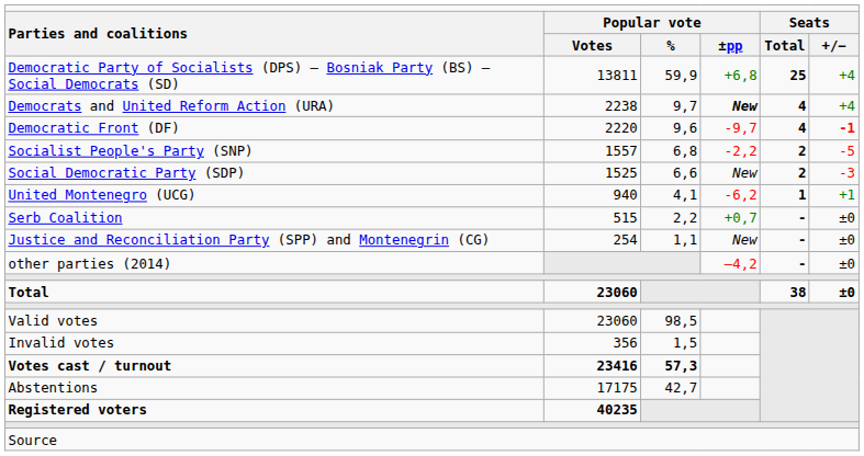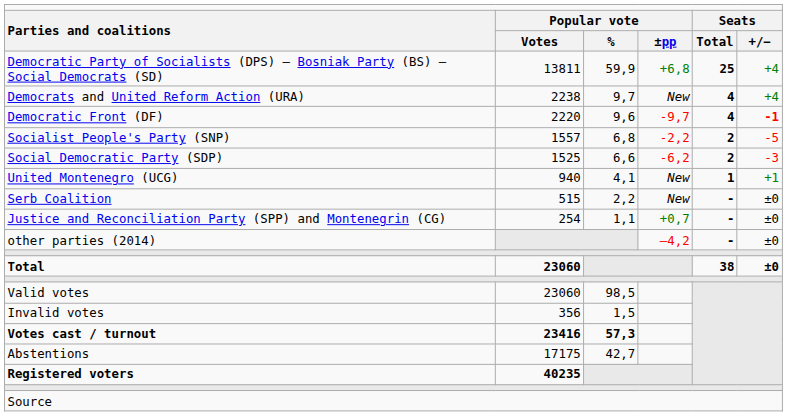 <table class="wikitable" style="text-align:right; font-size:98%; margin-bottom:0">
 <tr>
 <td colspan="6"></td>
 </tr>
 <tr>
 <th style="text-align:left;" rowspan="2" width="500">Parties and coalitions</th>
 <th colspan="3">Popular vote</th>
 <th colspan="2">Seats</th>
 </tr>
 <tr>
 <th width="85">Votes</th>
 <th width="50">%</th>
 <th width="50">±<a href='#'>pp</a></th>
 <th width="40">Total</th>
 <th width="40">+/−</th>
 </tr>
 <tr>
 <td align="left"><a href='#'>Democratic Party of Socialists</a> (DPS) – <a href='#'>Bosniak Party</a> (BS) – <a href='#'>Social Democrats</a> (SD)</td>
 <td>13811</td>
 <td>59,9</td>
 <td style="color:green;">+6,8</td>
 <td><strong>25</strong></td>
 <td style="color:green;">+4</td>
 </tr>
 <tr>
 <td align="left"><a href='#'>Democrats</a> and <a href='#'>United Reform Action</a> (URA)</td>
 <td>2238</td>
 <td>9,7</td>
-<td><strong><em>New</em></strong></td>
+<td><em>New</em></td>
 <td><strong>4</strong></td>
 <td style="color:green;">+4</td>
 </tr>
 <tr>
 <td align="left"><a href='#'>Democratic Front</a> (DF)</td>
 <td>2220</td>
 <td>9,6</td>
 <td style="color:red;">-9,7</td>
 <td><strong>4</strong></td>
 <td style="color:red;"><strong>-1</strong></td>
 </tr>
 <tr>
 <td align="left"><a href='#'>Socialist People's Party</a> (SNP)</td>
 <td>1557</td>
 <td>6,8</td>
 <td style="color:red;">-2,2</td>
 <td><strong>2</strong></td>
 <td style="color:red;">-5</td>
 </tr>
 <tr>
 <td align="left"><a href='#'>Social Democratic Party</a> (SDP)</td>
 <td>1525</td>
 <td>6,6</td>
-<td><em>New</em></td>
+<td style="color:red;">-6,2</td>
 <td><strong>2</strong></td>
 <td style="color:red;">-3</td>
 </tr>
 <tr>
 <td align="left"><a href='#'>United Montenegro</a> (UCG)</td>
 <td>940</td>
 <td>4,1</td>
-<td style="color:red;">-6,2</td>
+<td><em>New</em></td>
 <td><strong>1</strong></td>
 <td style="color:green;">+1</td>
 </tr>
 <tr>
 <td align="left"><a href='#'>Serb Coalition</a></td>
 <td>515</td>
 <td>2,2</td>
-<td style="color:green;">+0,7</td>
+<td><em>New</em></td>
 <td><strong>-</strong></td>
 <td>±0</td>
 </tr>
 <tr>
 <td align="left"><a href='#'>Justice and Reconciliation Party</a> (SPP) and <a href='#'>Montenegrin</a> (CG)</td>
 <td>254</td>
 <td>1,1</td>
-<td><em>New</em></td>
+<td style="color:green;">+0,7</td>
 <td><strong>-</strong></td>
 <td>±0</td>
 </tr>
 <tr>
 <td align="left">other parties (2014)</td>
 <td bgcolor="#E9E9E9" colspan="2"></td>
 <td style="color:red;">–4,2</td>
 <td><strong>-</strong></td>
 <td>±0</td>
 </tr>
 <tr>
 <td colspan="6" bgcolor="#E9E9E9"></td>
 </tr>
 <tr style="font-weight:bold;">
 <td align="left" width="500">Total</td>
 <td>23060</td>
 <td bgcolor="#E9E9E9" colspan="2"></td>
 <td width="40">38</td>
 <td>±0</td>
 </tr>
 <tr>
 <td colspan="6" bgcolor="#E9E9E9"></td>
 </tr>
 <tr>
 <td align="left">Valid votes</td>
 <td>23060</td>
 <td>98,5</td>
 <td style="color:green;"></td>
 <td bgcolor="#E9E9E9" colspan="2" rowspan="5"></td>
 </tr>
 <tr>
 <td align="left">Invalid votes</td>
 <td>356</td>
 <td>1,5</td>
 <td style="color:red;"></td>
 </tr>
 <tr style="font-weight:bold;">
 <td align="left">Votes cast / turnout</td>
 <td>23416</td>
 <td>57,3</td>
 <td style="color:green;"></td>
 </tr>
 <tr>
 <td align="left">Abstentions</td>
 <td>17175</td>
 <td>42,7</td>
 <td style="color:red;"></td>
 </tr>
 <tr style="font-weight:bold;">
 <td align="left">Registered voters</td>
 <td>40235</td>
 <td bgcolor="#E9E9E9" colspan="2"></td>
 </tr>
 <tr>
 <td colspan="6" bgcolor="#E9E9E9"></td>
 </tr>
 <tr>
 <td align="left" colspan="6">Source</td>
 </tr>
 </table>
